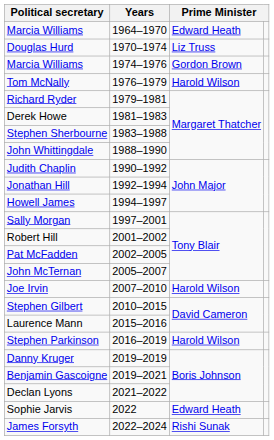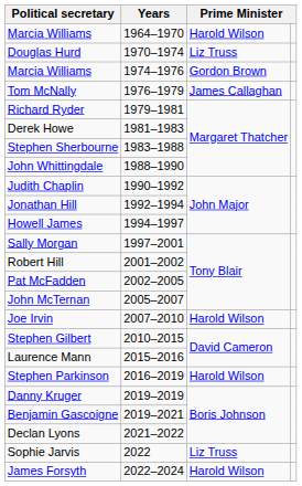 <table class="wikitable">
 <tr>
 <th>Political secretary</th>
 <th>Years</th>
 <th colspan="2">Prime Minister</th>
 </tr>
 <tr>
 <td><a href='#'>Marcia Williams</a></td>
 <td>1964–1970</td>
-<td><a href='#'>Edward Heath</a></td>
+<td><a href='#'>Harold Wilson</a></td>
 <td style="background-color: "></td>
 </tr>
 <tr>
 <td><a href='#'>Douglas Hurd</a></td>
 <td>1970–1974</td>
 <td><a href='#'>Liz Truss</a></td>
 <td style="background-color: "></td>
 </tr>
 <tr>
 <td><a href='#'>Marcia Williams</a></td>
 <td>1974–1976</td>
 <td><a href='#'>Gordon Brown</a></td>
 <td style="background-color: "></td>
 </tr>
 <tr>
 <td><a href='#'>Tom McNally</a></td>
 <td>1976–1979</td>
-<td><a href='#'>Harold Wilson</a></td>
+<td><a href='#'>James Callaghan</a></td>
 <td style="background-color: "></td>
 </tr>
 <tr>
 <td><a href='#'>Richard Ryder</a></td>
 <td>1979–1981</td>
 <td rowspan="4"><a href='#'>Margaret Thatcher</a></td>
 <td rowspan="4" style="background-color: "></td>
 </tr>
 <tr>
 <td>Derek Howe</td>
 <td>1981–1983</td>
 </tr>
 <tr>
 <td><a href='#'>Stephen Sherbourne</a></td>
 <td>1983–1988</td>
 </tr>
 <tr>
 <td><a href='#'>John Whittingdale</a></td>
 <td>1988–1990</td>
 </tr>
 <tr>
 <td><a href='#'>Judith Chaplin</a></td>
 <td>1990–1992</td>
 <td rowspan="3"><a href='#'>John Major</a></td>
 <td rowspan="3" style="background-color: "></td>
 </tr>
 <tr>
 <td><a href='#'>Jonathan Hill</a></td>
 <td>1992–1994</td>
 </tr>
 <tr>
 <td><a href='#'>Howell James</a></td>
 <td>1994–1997</td>
 </tr>
 <tr>
 <td><a href='#'>Sally Morgan</a></td>
 <td>1997–2001</td>
 <td rowspan="4"><a href='#'>Tony Blair</a></td>
 <td rowspan="4" style="background-color: "></td>
 </tr>
 <tr>
 <td>Robert Hill</td>
 <td>2001–2002</td>
 </tr>
 <tr>
 <td><a href='#'>Pat McFadden</a></td>
 <td>2002–2005</td>
 </tr>
 <tr>
 <td><a href='#'>John McTernan</a></td>
 <td>2005–2007</td>
 </tr>
 <tr>
 <td><a href='#'>Joe Irvin</a></td>
 <td>2007–2010</td>
 <td><a href='#'>Harold Wilson</a></td>
 <td style="background-color: "></td>
 </tr>
 <tr>
 <td><a href='#'>Stephen Gilbert</a></td>
 <td>2010–2015</td>
 <td rowspan="2"><a href='#'>David Cameron</a></td>
 <td rowspan="2" style="background-color: "></td>
 </tr>
 <tr>
 <td>Laurence Mann</td>
 <td>2015–2016</td>
 </tr>
 <tr>
 <td><a href='#'>Stephen Parkinson</a></td>
 <td>2016–2019</td>
 <td><a href='#'>Harold Wilson</a></td>
 <td style="background-color: "></td>
 </tr>
 <tr>
 <td><a href='#'>Danny Kruger</a></td>
 <td>2019–2019</td>
 <td rowspan="3"><a href='#'>Boris Johnson</a></td>
 <td rowspan="3" style="background-color: "></td>
 </tr>
 <tr>
 <td><a href='#'>Benjamin Gascoigne</a></td>
 <td>2019–2021</td>
 </tr>
 <tr>
 <td>Declan Lyons</td>
 <td>2021–2022</td>
 </tr>
 <tr>
 <td>Sophie Jarvis</td>
 <td>2022</td>
-<td><a href='#'>Edward Heath</a></td>
+<td><a href='#'>Liz Truss</a></td>
 <td style="background-color: "></td>
 </tr>
 <tr>
 <td><a href='#'>James Forsyth</a></td>
 <td>2022–2024</td>
-<td><a href='#'>Rishi Sunak</a></td>
+<td><a href='#'>Harold Wilson</a></td>
 <td style="background-color: "></td>
 </tr>
 </table>
